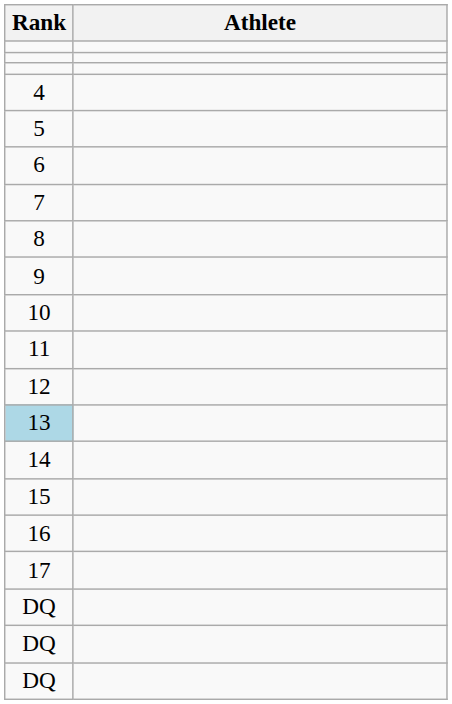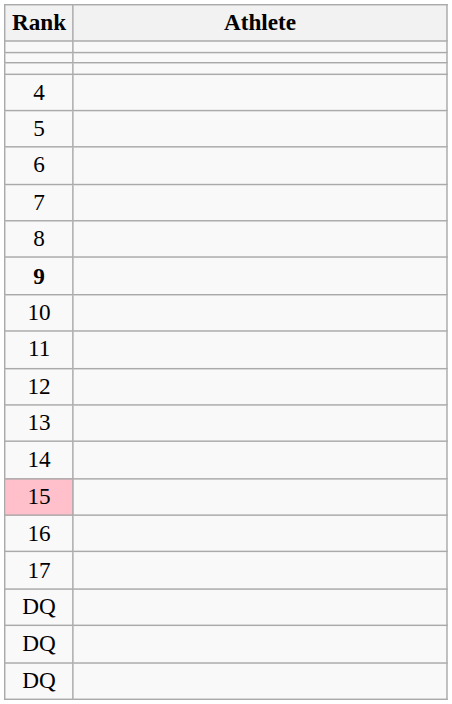 <table class="wikitable" style="text-align: center;">
 <tr>
 <th width=40>Rank</th>
 <th width=250>Athlete</th>
 </tr>
 <tr>
 <td></td>
 <td align="left"></td>
 </tr>
 <tr>
 <td></td>
 <td align="left"></td>
 </tr>
 <tr>
 <td></td>
 <td align="left"></td>
 </tr>
 <tr>
 <td>4</td>
 <td align="left"></td>
 </tr>
 <tr>
 <td>5</td>
 <td align="left"></td>
 </tr>
 <tr>
 <td>6</td>
 <td align="left"></td>
 </tr>
 <tr>
 <td>7</td>
 <td align="left"></td>
 </tr>
 <tr>
 <td>8</td>
 <td align="left"></td>
 </tr>
 <tr>
-<td>9</td>
+<td><strong>9</strong></td>
 <td align="left"></td>
 </tr>
 <tr>
 <td>10</td>
 <td align="left"></td>
 </tr>
 <tr>
 <td>11</td>
 <td align="left"></td>
 </tr>
 <tr>
 <td>12</td>
 <td align="left"></td>
 </tr>
 <tr>
-<td style="background: lightblue;">13</td>
+<td>13</td>
 <td align="left"></td>
 </tr>
 <tr>
 <td>14</td>
 <td align="left"></td>
 </tr>
 <tr>
-<td>15</td>
+<td style="background: pink;">15</td>
 <td align="left"></td>
 </tr>
 <tr>
 <td>16</td>
 <td align="left"></td>
 </tr>
 <tr>
 <td>17</td>
 <td align="left"></td>
 </tr>
 <tr>
 <td>DQ</td>
 <td align="left"></td>
 </tr>
 <tr>
 <td>DQ</td>
 <td align="left"></td>
 </tr>
 <tr>
 <td>DQ</td>
 <td align="left"></td>
 </tr>
 </table>
